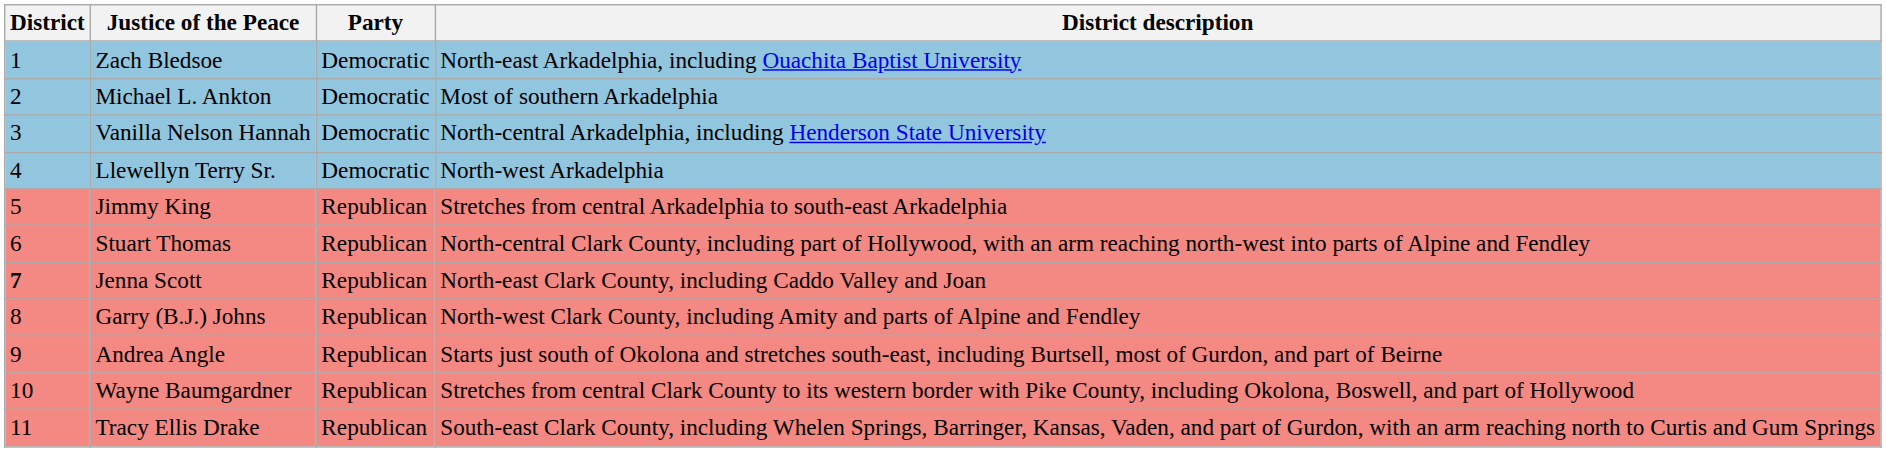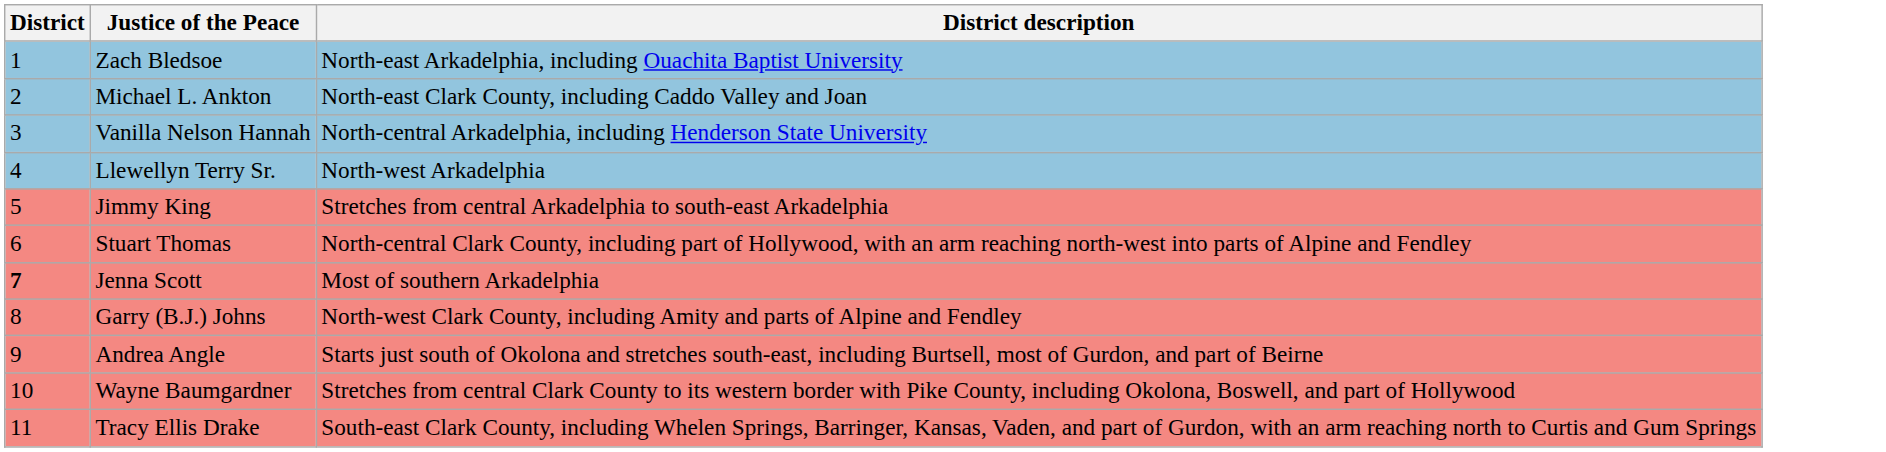 <table class="wikitable">
 <tr>
 <th>District</th>
 <th>Justice of the Peace</th>
-<th>Party</th>
 <th>District description</th>
 </tr>
 <tr style="background-color:#92C5DE;">
 <td>1</td>
 <td>Zach Bledsoe</td>
-<td>Democratic</td>
 <td>North-east Arkadelphia, including <a href='#'>Ouachita Baptist University</a></td>
 </tr>
 <tr style="background-color:#92C5DE;">
 <td>2</td>
 <td>Michael L. Ankton</td>
-<td>Democratic</td>
-<td>Most of southern Arkadelphia</td>
+<td>North-east Clark County, including Caddo Valley and Joan</td>
 </tr>
 <tr style="background-color:#92C5DE;">
 <td>3</td>
 <td>Vanilla Nelson Hannah</td>
-<td>Democratic</td>
 <td>North-central Arkadelphia, including <a href='#'>Henderson State University</a></td>
 </tr>
 <tr style="background-color:#92C5DE;">
 <td>4</td>
 <td>Llewellyn Terry Sr.</td>
-<td>Democratic</td>
 <td>North-west Arkadelphia</td>
 </tr>
 <tr style="background-color:#F48882;">
 <td>5</td>
 <td>Jimmy King</td>
-<td>Republican</td>
 <td>Stretches from central Arkadelphia to south-east Arkadelphia</td>
 </tr>
 <tr style="background-color:#F48882;">
 <td>6</td>
 <td>Stuart Thomas</td>
-<td>Republican</td>
 <td>North-central Clark County, including part of Hollywood, with an arm reaching north-west into parts of Alpine and Fendley</td>
 </tr>
 <tr style="background-color:#F48882;">
 <td><strong>7</strong></td>
 <td>Jenna Scott</td>
-<td>Republican</td>
-<td>North-east Clark County, including Caddo Valley and Joan</td>
+<td>Most of southern Arkadelphia</td>
 </tr>
 <tr style="background-color:#F48882;">
 <td>8</td>
 <td>Garry (B.J.) Johns</td>
-<td>Republican</td>
 <td>North-west Clark County, including Amity and parts of Alpine and Fendley</td>
 </tr>
 <tr style="background-color:#F48882;">
 <td>9</td>
 <td>Andrea Angle</td>
-<td>Republican</td>
 <td>Starts just south of Okolona and stretches south-east, including Burtsell, most of Gurdon, and part of Beirne</td>
 </tr>
 <tr style="background-color:#F48882;">
 <td>10</td>
 <td>Wayne Baumgardner</td>
-<td>Republican</td>
 <td>Stretches from central Clark County to its western border with Pike County, including Okolona, Boswell, and part of Hollywood</td>
 </tr>
 <tr style="background-color:#F48882;">
 <td>11</td>
 <td>Tracy Ellis Drake</td>
-<td>Republican</td>
 <td>South-east Clark County, including Whelen Springs, Barringer, Kansas, Vaden, and part of Gurdon, with an arm reaching north to Curtis and Gum Springs</td>
 </tr>
 </table>
